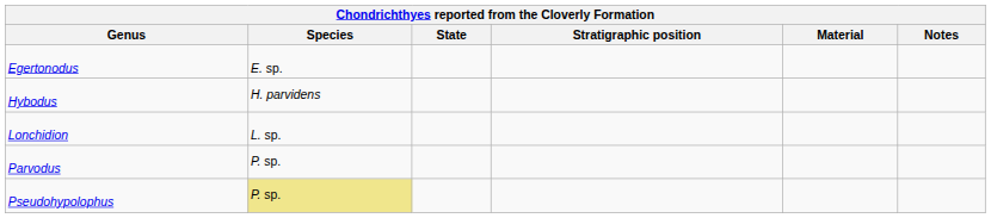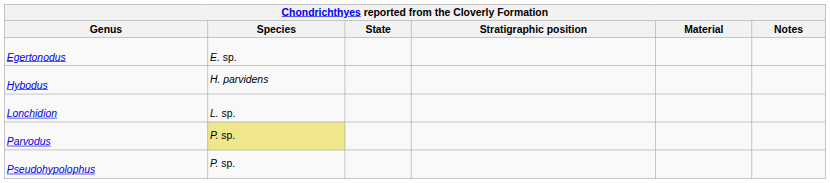 <table class="wikitable" align="center" width="100%">
 <tr>
 <th colspan="7" align="center"><strong><a href='#'>Chondrichthyes</a> reported from the Cloverly Formation</strong></th>
 </tr>
 <tr>
 <th>Genus</th>
 <th>Species</th>
 <th>State</th>
 <th>Stratigraphic position</th>
 <th>Material</th>
 <th>Notes<br></th>
 </tr>
 <tr>
 <td><br><em><a href='#'>Egertonodus</a></em></td>
 <td><br><em>E.</em> sp.</td>
 <td></td>
 <td></td>
 <td></td>
 <td></td>
 </tr>
 <tr>
 <td><br><em><a href='#'>Hybodus</a></em></td>
 <td><em>H. parvidens</em></td>
 <td></td>
 <td></td>
 <td></td>
 <td></td>
 </tr>
 <tr>
 <td><br><em><a href='#'>Lonchidion</a></em></td>
 <td><br><em>L. </em>sp.</td>
 <td></td>
 <td></td>
 <td></td>
 <td></td>
 </tr>
 <tr>
 <td><br><em><a href='#'>Parvodus</a></em></td>
-<td><em>P.</em> sp.</td>
+<td style="background: khaki;"><em>P.</em> sp.</td>
 <td></td>
 <td></td>
 <td></td>
 <td></td>
 </tr>
 <tr>
 <td><br><em><a href='#'>Pseudohypolophus</a></em></td>
-<td style="background: khaki;"><em>P.</em> sp.</td>
+<td><em>P.</em> sp.</td>
 <td></td>
 <td></td>
 <td></td>
 <td></td>
 </tr>
 </table>
